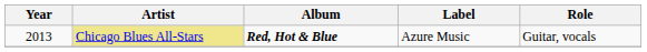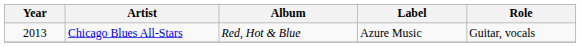 <table class="wikitable">
 <tr>
 <th style="width:75px;">Year</th>
 <th style="width:200px;">Artist</th>
 <th style="width:180px;">Album</th>
 <th style="width:140px;">Label</th>
 <th style="width:140px;">Role</th>
 </tr>
 <tr>
 <td style="text-align:center;">2013</td>
-<td style="background: khaki;"><a href='#'>Chicago Blues All-Stars</a></td>
-<td><strong><em>Red, Hot & Blue</em></strong></td>
+<td><a href='#'>Chicago Blues All-Stars</a></td>
+<td><em>Red, Hot & Blue</em></td>
 <td>Azure Music</td>
 <td>Guitar, vocals</td>
 </tr>
 <tr>
 </tr>
 </table>
